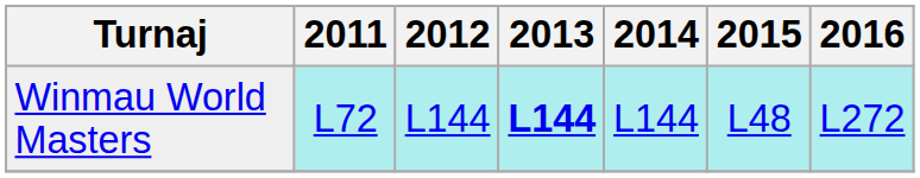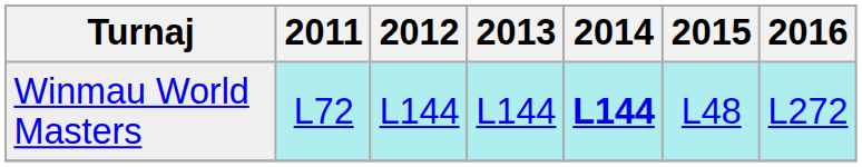 <table class="wikitable" style="width:30%; margin:0">
 <tr>
 <th>Turnaj</th>
 <th>2011</th>
 <th>2012</th>
 <th>2013</th>
 <th>2014</th>
 <th>2015</th>
 <th>2016</th>
 </tr>
 <tr>
 <td style="background:#efefef;"><a href='#'>Winmau World Masters</a></td>
 <td style="text-align:center; background:#afeeee;"><a href='#'>L72</a></td>
 <td style="text-align:center; background:#afeeee;"><a href='#'>L144</a></td>
+<td style="text-align:center; background:#afeeee;"><a href='#'>L144</a></td>
 <td style="text-align:center; background:#afeeee;"><strong><a href='#'>L144</a></strong></td>
-<td style="text-align:center; background:#afeeee;"><a href='#'>L144</a></td>
 <td style="text-align:center; background:#afeeee;"><a href='#'>L48</a></td>
 <td style="text-align:center; background:#afeeee;"><a href='#'>L272</a></td>
 </tr>
 <tr>
 </tr>
 </table>
